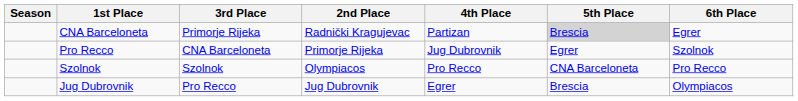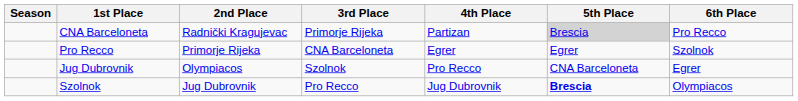 <table class="wikitable">
 <tr>
 <th width=6%>Season</th>
 <th width=14%>1st Place</th>
+<th width=14%>2nd Place</th>
 <th width=14%>3rd Place</th>
-<th width=14%>2nd Place</th>
 <th width=14%>4th Place</th>
 <th width=14%>5th Place</th>
 <th width=14%>6th Place</th>
 </tr>
 <tr>
 <td></td>
 <td> <a href='#'>CNA Barceloneta</a></td>
+<td> <a href='#'>Radnički Kragujevac</a></td>
 <td> <a href='#'>Primorje Rijeka</a></td>
-<td> <a href='#'>Radnički Kragujevac</a></td>
 <td> <a href='#'>Partizan</a></td>
 <td style="background: lightgrey;"> <a href='#'>Brescia</a></td>
-<td> <a href='#'>Egrer</a></td>
+<td> <a href='#'>Pro Recco</a></td>
 </tr>
 <tr>
 <td></td>
 <td> <a href='#'>Pro Recco</a></td>
+<td> <a href='#'>Primorje Rijeka</a></td>
 <td> <a href='#'>CNA Barceloneta</a></td>
-<td> <a href='#'>Primorje Rijeka</a></td>
-<td> <a href='#'>Jug Dubrovnik</a></td>
+<td> <a href='#'>Egrer</a></td>
 <td> <a href='#'>Egrer</a></td>
 <td> <a href='#'>Szolnok</a></td>
 </tr>
 <tr>
 <td></td>
+<td> <a href='#'>Jug Dubrovnik</a></td>
+<td> <a href='#'>Olympiacos</a></td>
 <td> <a href='#'>Szolnok</a></td>
-<td> <a href='#'>Szolnok</a></td>
-<td> <a href='#'>Olympiacos</a></td>
 <td> <a href='#'>Pro Recco</a></td>
 <td> <a href='#'>CNA Barceloneta</a></td>
-<td> <a href='#'>Pro Recco</a></td>
+<td> <a href='#'>Egrer</a></td>
 </tr>
 <tr>
 <td></td>
+<td> <a href='#'>Szolnok</a></td>
 <td> <a href='#'>Jug Dubrovnik</a></td>
 <td> <a href='#'>Pro Recco</a></td>
 <td> <a href='#'>Jug Dubrovnik</a></td>
-<td> <a href='#'>Egrer</a></td>
-<td> <a href='#'>Brescia</a></td>
+<td><strong> <a href='#'>Brescia</a></strong></td>
 <td> <a href='#'>Olympiacos</a></td>
 </tr>
 </table>
